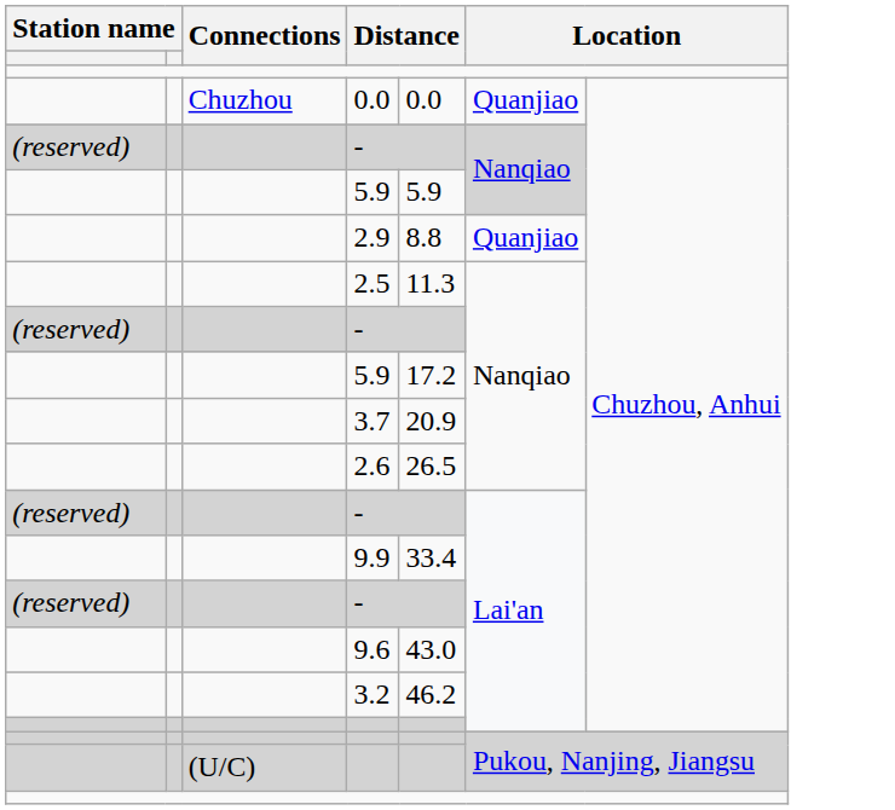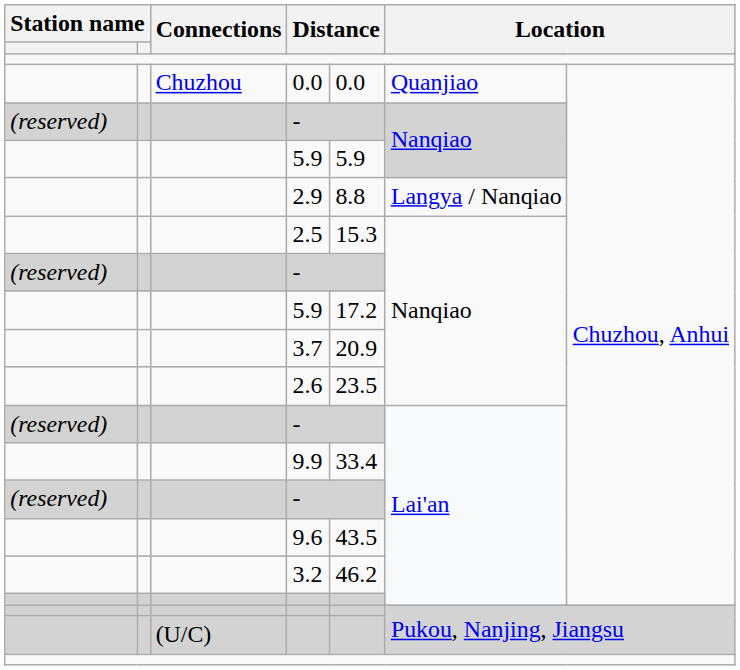 <table class="wikitable">
 <tr>
 <th colspan="2">Station name</th>
 <th rowspan="2">Connections</th>
 <th colspan="2" rowspan="2">Distance<br></th>
 <th colspan="2" rowspan="2">Location</th>
 </tr>
 <tr>
 <th></th>
 <th></th>
 </tr>
 <tr style="background:#">
 <td colspan = "7"></td>
 </tr>
 <tr>
 <td></td>
 <td></td>
 <td> <a href='#'>Chuzhou</a></td>
 <td>0.0</td>
 <td>0.0</td>
 <td><a href='#'>Quanjiao</a></td>
 <td rowspan="15"><a href='#'>Chuzhou</a>, <a href='#'>Anhui</a></td>
 </tr>
 <tr bgcolor="lightgrey">
 <td><em> (reserved)</em></td>
 <td></td>
 <td></td>
 <td colspan="2">-</td>
 <td rowspan="2"><a href='#'>Nanqiao</a></td>
 </tr>
 <tr>
 <td></td>
 <td></td>
 <td></td>
 <td>5.9</td>
 <td>5.9</td>
 </tr>
 <tr>
 <td></td>
 <td></td>
 <td></td>
 <td>2.9</td>
 <td>8.8</td>
-<td><a href='#'>Quanjiao</a></td>
+<td><a href='#'>Langya</a> / Nanqiao</td>
 </tr>
 <tr>
 <td></td>
 <td></td>
 <td></td>
 <td>2.5</td>
-<td>11.3</td>
+<td>15.3</td>
 <td rowspan="5">Nanqiao</td>
 </tr>
 <tr bgcolor="lightgrey">
 <td><em> (reserved)</em></td>
 <td></td>
 <td></td>
 <td colspan="2">-</td>
 </tr>
 <tr>
 <td></td>
 <td></td>
 <td></td>
 <td>5.9</td>
 <td>17.2</td>
 </tr>
 <tr>
 <td></td>
 <td></td>
 <td></td>
 <td>3.7</td>
 <td>20.9</td>
 </tr>
 <tr>
 <td></td>
 <td></td>
 <td></td>
 <td>2.6</td>
-<td>26.5</td>
+<td>23.5</td>
 </tr>
 <tr bgcolor="lightgrey">
 <td><em> (reserved)</em></td>
 <td></td>
 <td></td>
 <td colspan="2">-</td>
 <td rowspan="6" bgcolor="#F8F9FA"><a href='#'>Lai'an</a></td>
 </tr>
 <tr>
 <td></td>
 <td></td>
 <td></td>
 <td>9.9</td>
 <td>33.4</td>
 </tr>
 <tr bgcolor="lightgrey">
 <td><em> (reserved)</em></td>
 <td></td>
 <td></td>
 <td colspan="2">-</td>
 </tr>
 <tr>
 <td></td>
 <td></td>
 <td></td>
 <td>9.6</td>
-<td>43.0</td>
+<td>43.5</td>
 </tr>
 <tr>
 <td></td>
 <td></td>
 <td></td>
 <td>3.2</td>
 <td>46.2</td>
 </tr>
 <tr bgcolor="lightgrey">
 <td></td>
 <td></td>
 <td></td>
 <td></td>
 <td></td>
 </tr>
 <tr bgcolor="lightgrey">
 <td></td>
 <td></td>
 <td></td>
 <td></td>
 <td></td>
 <td colspan="2" rowspan="2"><a href='#'>Pukou</a>, <a href='#'>Nanjing</a>, <a href='#'>Jiangsu</a></td>
 </tr>
 <tr bgcolor="lightgrey">
 <td></td>
 <td></td>
 <td>  (U/C)<br>   </td>
 <td></td>
 <td></td>
 </tr>
 <tr style="background:#">
 <td colspan = "7"></td>
 </tr>
 </table>
